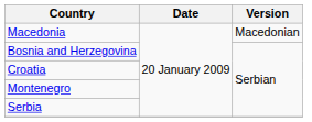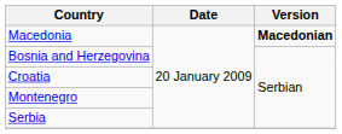 <table class="wikitable">
 <tr>
 <th>Country</th>
 <th>Date</th>
 <th>Version</th>
 </tr>
 <tr>
 <td><a href='#'>Macedonia</a></td>
 <td rowspan="5">20 January 2009</td>
-<td>Macedonian</td>
+<td><strong>Macedonian</strong></td>
 </tr>
 <tr>
 <td><a href='#'>Bosnia and Herzegovina</a></td>
 <td rowspan="4">Serbian</td>
 </tr>
 <tr>
 <td><a href='#'>Croatia</a></td>
 </tr>
 <tr>
 <td><a href='#'>Montenegro</a></td>
 </tr>
 <tr>
 <td><a href='#'>Serbia</a></td>
 </tr>
 <tr>
 </tr>
 </table>
